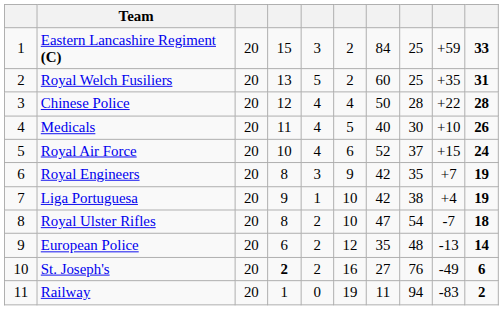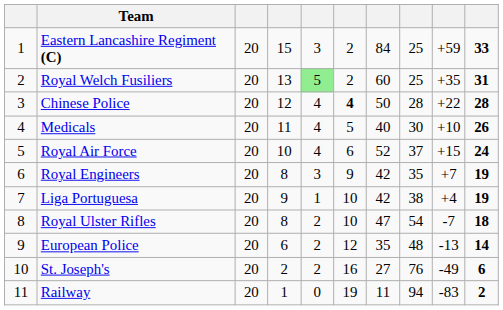 <table class="wikitable" style="text-align: center">
 <tr>
 <th width=28></th>
 <th width=205>Team</th>
 <th width=28></th>
 <th width=28></th>
 <th width=28></th>
 <th width=28></th>
 <th width=28></th>
 <th width=28></th>
 <th width=28></th>
 <th width=28></th>
 </tr>
 <tr>
 <td>1</td>
 <td align=left><a href='#'>Eastern Lancashire Regiment</a> <strong>(C)</strong></td>
 <td>20</td>
 <td>15</td>
 <td>3</td>
 <td>2</td>
 <td>84</td>
 <td>25</td>
 <td>+59</td>
 <td><strong>33</strong></td>
 </tr>
 <tr>
 <td>2</td>
 <td align=left><a href='#'>Royal Welch Fusiliers</a></td>
 <td>20</td>
 <td>13</td>
-<td>5</td>
+<td style="background: lightgreen;">5</td>
 <td>2</td>
 <td>60</td>
 <td>25</td>
 <td>+35</td>
 <td><strong>31</strong></td>
 </tr>
 <tr>
 <td>3</td>
 <td align=left><a href='#'>Chinese Police</a></td>
 <td>20</td>
 <td>12</td>
 <td>4</td>
-<td>4</td>
+<td><strong>4</strong></td>
 <td>50</td>
 <td>28</td>
 <td>+22</td>
 <td><strong>28</strong></td>
 </tr>
 <tr>
 <td>4</td>
 <td align=left><a href='#'>Medicals</a></td>
 <td>20</td>
 <td>11</td>
 <td>4</td>
 <td>5</td>
 <td>40</td>
 <td>30</td>
 <td>+10</td>
 <td><strong>26</strong></td>
 </tr>
 <tr>
 <td>5</td>
 <td align=left><a href='#'>Royal Air Force</a></td>
 <td>20</td>
 <td>10</td>
 <td>4</td>
 <td>6</td>
 <td>52</td>
 <td>37</td>
 <td>+15</td>
 <td><strong>24</strong></td>
 </tr>
 <tr>
 <td>6</td>
 <td align=left><a href='#'>Royal Engineers</a></td>
 <td>20</td>
 <td>8</td>
 <td>3</td>
 <td>9</td>
 <td>42</td>
 <td>35</td>
 <td>+7</td>
 <td><strong>19</strong></td>
 </tr>
 <tr>
 <td>7</td>
 <td align=left><a href='#'>Liga Portuguesa</a></td>
 <td>20</td>
 <td>9</td>
 <td>1</td>
 <td>10</td>
 <td>42</td>
 <td>38</td>
 <td>+4</td>
 <td><strong>19</strong></td>
 </tr>
 <tr>
 <td>8</td>
 <td align=left><a href='#'>Royal Ulster Rifles</a></td>
 <td>20</td>
 <td>8</td>
 <td>2</td>
 <td>10</td>
 <td>47</td>
 <td>54</td>
 <td>-7</td>
 <td><strong>18</strong></td>
 </tr>
 <tr>
 <td>9</td>
 <td align=left><a href='#'>European Police</a></td>
 <td>20</td>
 <td>6</td>
 <td>2</td>
 <td>12</td>
 <td>35</td>
 <td>48</td>
 <td>-13</td>
 <td><strong>14</strong></td>
 </tr>
 <tr>
 <td>10</td>
 <td align=left><a href='#'>St. Joseph's</a></td>
 <td>20</td>
-<td><strong>2</strong></td>
+<td>2</td>
 <td>2</td>
 <td>16</td>
 <td>27</td>
 <td>76</td>
 <td>-49</td>
 <td><strong>6</strong></td>
 </tr>
 <tr>
 <td>11</td>
 <td align=left><a href='#'>Railway</a></td>
 <td>20</td>
 <td>1</td>
 <td>0</td>
 <td>19</td>
 <td>11</td>
 <td>94</td>
 <td>-83</td>
 <td><strong>2</strong></td>
 </tr>
 </table>
